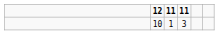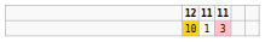 <table class="wikitable">
 <tr>
 <td style="width:18em"><strong></strong></td>
 <td align=center style="width:1em"><strong>12</strong></td>
 <td align=center style="width:1em"><strong>11</strong></td>
 <td align=center style="width:1em"><strong>11</strong></td>
 <td align=center style="width:1em"></td>
 <td align=center style="width:1em"></td>
 </tr>
 <tr>
 <td style="width:18em"></td>
-<td align=center style="width:1em">10</td>
+<td align=center style="background: gold; width:1em">10</td>
 <td align=center style="width:1em">1</td>
-<td align=center style="width:1em">3</td>
+<td align=center style="background: pink; width:1em">3</td>
 <td align=center style="width:1em"></td>
 <td align=center style="width:1em"></td>
 </tr>
 </table>
